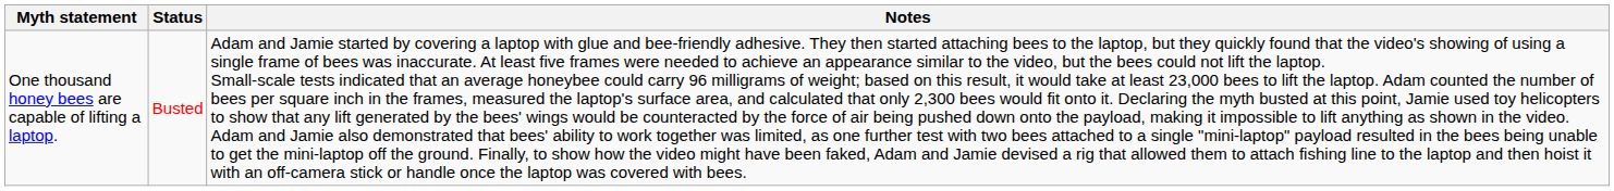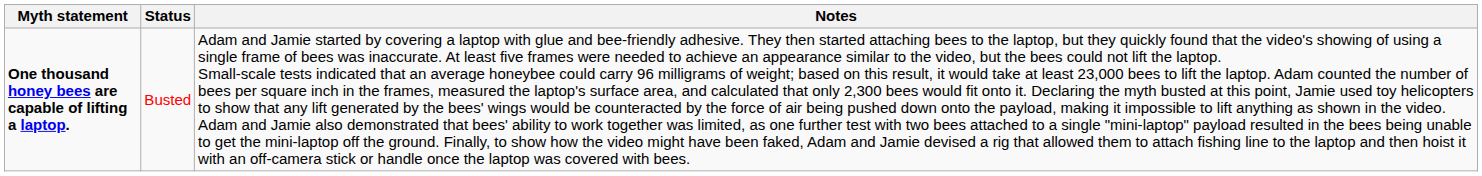 <table class="wikitable plainrowheaders">
 <tr>
 <th>Myth statement</th>
 <th>Status</th>
 <th>Notes</th>
 </tr>
 <tr>
-<td>One thousand <a href='#'>honey bees</a> are capable of lifting a <a href='#'>laptop</a>.</td>
+<td><strong>One thousand <a href='#'>honey bees</a> are capable of lifting a <a href='#'>laptop</a>.</strong></td>
 <td style="color:red">Busted</td>
 <td>Adam and Jamie started by covering a laptop with glue and bee-friendly adhesive. They then started attaching bees to the laptop, but they quickly found that the video's showing of using a single frame of bees was inaccurate. At least five frames were needed to achieve an appearance similar to the video, but the bees could not lift the laptop.<br>Small-scale tests indicated that an average honeybee could carry 96 milligrams of weight; based on this result, it would take at least 23,000 bees to lift the laptop. Adam counted the number of bees per square inch in the frames, measured the laptop's surface area, and calculated that only 2,300 bees would fit onto it. Declaring the myth busted at this point, Jamie used toy helicopters to show that any lift generated by the bees' wings would be counteracted by the force of air being pushed down onto the payload, making it impossible to lift anything as shown in the video. Adam and Jamie also demonstrated that bees' ability to work together was limited, as one further test with two bees attached to a single "mini-laptop" payload resulted in the bees being unable to get the mini-laptop off the ground. Finally, to show how the video might have been faked, Adam and Jamie devised a rig that allowed them to attach fishing line to the laptop and then hoist it with an off-camera stick or handle once the laptop was covered with bees.</td>
 </tr>
 </table>
